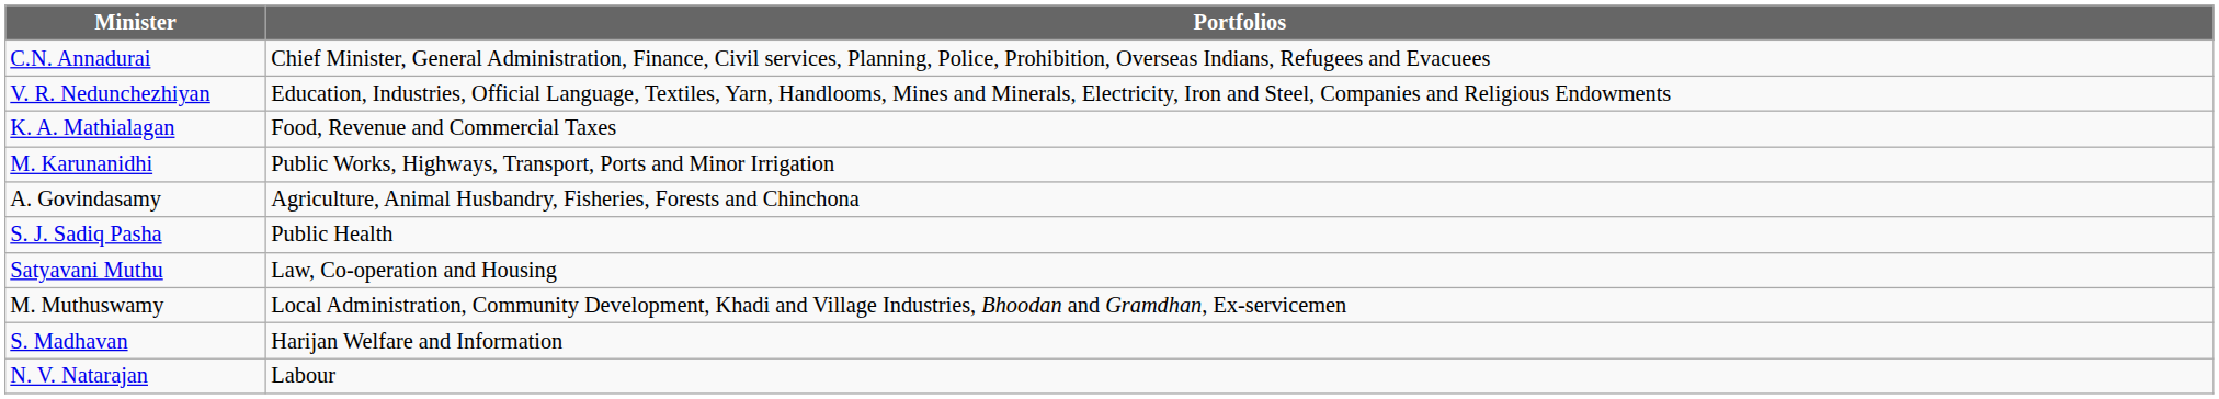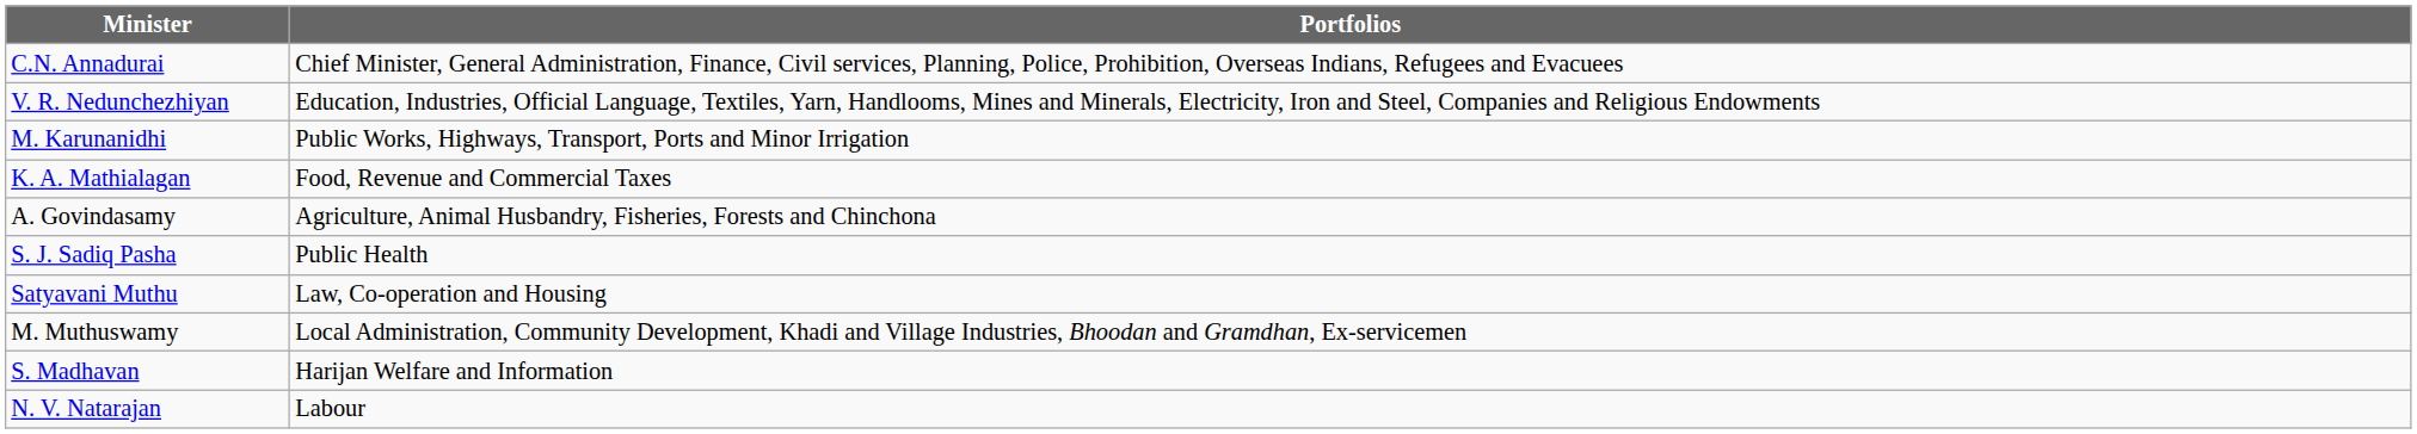 <table class="wikitable" width="80%" style="font-size: x-big; font-family: verdana">
 <tr>
 <th style="background-color:#666666; color:white; width:180px">Minister</th>
 <th style="background-color:#666666; color:white">Portfolios</th>
 </tr>
 <tr -->
 <td><a href='#'>C.N. Annadurai</a></td>
 <td>Chief Minister, General Administration, Finance, Civil services, Planning, Police, Prohibition, Overseas Indians, Refugees and Evacuees</td>
 </tr>
 <tr -->
 <td><a href='#'>V. R. Nedunchezhiyan</a></td>
 <td>Education, Industries, Official Language, Textiles, Yarn, Handlooms, Mines and Minerals, Electricity, Iron and Steel, Companies and Religious Endowments</td>
 </tr>
 <tr -->
+<td><a href='#'>M. Karunanidhi</a></td>
+<td>Public Works, Highways, Transport, Ports and Minor Irrigation</td>
+</tr>
+<tr -->
 <td><a href='#'>K. A. Mathialagan</a></td>
 <td>Food, Revenue and Commercial Taxes</td>
-</tr>
-<tr -->
-<td><a href='#'>M. Karunanidhi</a></td>
-<td>Public Works, Highways, Transport, Ports and Minor Irrigation</td>
 </tr>
 <tr -->
 <td>A. Govindasamy</td>
 <td>Agriculture, Animal Husbandry, Fisheries, Forests and Chinchona</td>
 </tr>
 <tr -->
 <td><a href='#'>S. J. Sadiq Pasha</a></td>
 <td>Public Health</td>
 </tr>
 <tr -->
 <td><a href='#'>Satyavani Muthu</a></td>
 <td>Law, Co-operation and Housing</td>
 </tr>
 <tr -->
 <td>M. Muthuswamy</td>
 <td>Local Administration, Community Development, Khadi and Village Industries, <em>Bhoodan</em> and <em>Gramdhan</em>, Ex-servicemen</td>
 </tr>
 <tr -->
 <td><a href='#'>S. Madhavan</a></td>
 <td>Harijan Welfare and Information</td>
 </tr>
 <tr -->
 <td><a href='#'>N. V. Natarajan</a></td>
 <td>Labour</td>
 </tr>
 </table>
